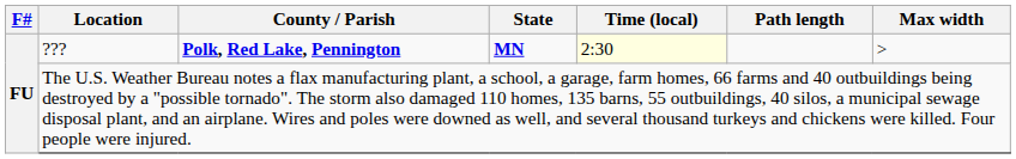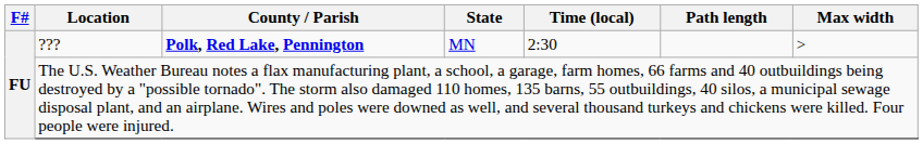 <table class="wikitable sortable" style="width:100%;">
 <tr>
 <th scope="col" align="center"><a href='#'>F#</a><br></th>
 <th scope="col" align="center" class="unsortable">Location</th>
 <th scope="col" align="center" class="unsortable">County / Parish</th>
 <th scope="col" align="center">State</th>
 <th scope="col" align="center">Time (local)</th>
 <th scope="col" align="center">Path length</th>
 <th scope="col" align="center">Max width</th>
 </tr>
 <tr>
 <th scope="row" rowspan="2" style="background-color:#">FU</th>
 <td>???</td>
 <td><strong><a href='#'>Polk</a>, <a href='#'>Red Lake</a>, <a href='#'>Pennington</a></strong></td>
-<td><strong><a href='#'>MN</a></strong></td>
-<td style="background: lightyellow;">2:30</td>
+<td><a href='#'>MN</a></td>
+<td>2:30</td>
 <td></td>
 <td>></td>
 </tr>
 <tr class="expand-child">
 <td colspan="6" style="border-bottom: 1px solid black;">The U.S. Weather Bureau notes a flax manufacturing plant, a school, a garage, farm homes, 66 farms and 40 outbuildings being destroyed by a "possible tornado". The storm also damaged 110 homes, 135 barns, 55 outbuildings, 40 silos, a municipal sewage disposal plant, and an airplane. Wires and poles were downed as well, and several thousand turkeys and chickens were killed. Four people were injured.</td>
 </tr>
 </table>
